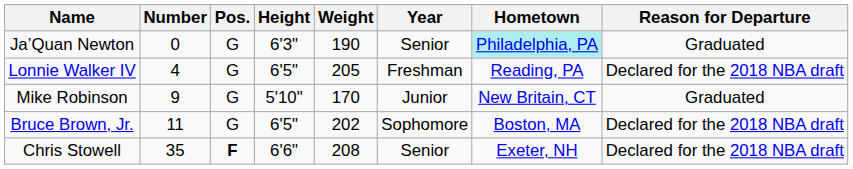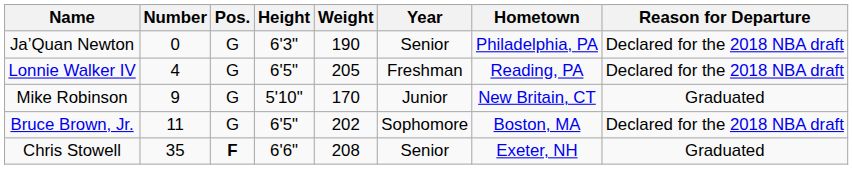 <table class="wikitable sortable" border="1" style="text-align:center;">
 <tr align=center>
 <th>Name</th>
 <th>Number</th>
 <th>Pos.</th>
 <th>Height</th>
 <th>Weight</th>
 <th>Year</th>
 <th>Hometown</th>
 <th>Reason for Departure</th>
 </tr>
 <tr>
 <td>Ja’Quan Newton</td>
 <td>0</td>
 <td>G</td>
 <td>6'3"</td>
 <td>190</td>
 <td>Senior</td>
-<td style="background: paleturquoise;"><a href='#'>Philadelphia, PA</a></td>
-<td>Graduated</td>
+<td><a href='#'>Philadelphia, PA</a></td>
+<td>Declared for the <a href='#'>2018 NBA draft</a></td>
 </tr>
 <tr>
 <td><a href='#'>Lonnie Walker IV</a></td>
 <td>4</td>
 <td>G</td>
 <td>6'5"</td>
 <td>205</td>
 <td>Freshman</td>
 <td><a href='#'>Reading, PA</a></td>
 <td>Declared for the <a href='#'>2018 NBA draft</a></td>
 </tr>
 <tr>
 <td>Mike Robinson</td>
 <td>9</td>
 <td>G</td>
 <td>5'10"</td>
 <td>170</td>
 <td>Junior</td>
 <td><a href='#'>New Britain, CT</a></td>
 <td>Graduated</td>
 </tr>
 <tr>
 <td><a href='#'>Bruce Brown, Jr.</a></td>
 <td>11</td>
 <td>G</td>
 <td>6'5"</td>
 <td>202</td>
 <td>Sophomore</td>
 <td><a href='#'>Boston, MA</a></td>
 <td>Declared for the <a href='#'>2018 NBA draft</a></td>
 </tr>
 <tr>
 <td>Chris Stowell</td>
 <td>35</td>
 <td><strong>F</strong></td>
 <td>6'6"</td>
 <td>208</td>
 <td>Senior</td>
 <td><a href='#'>Exeter, NH</a></td>
-<td>Declared for the <a href='#'>2018 NBA draft</a></td>
+<td>Graduated</td>
 </tr>
 </table>
